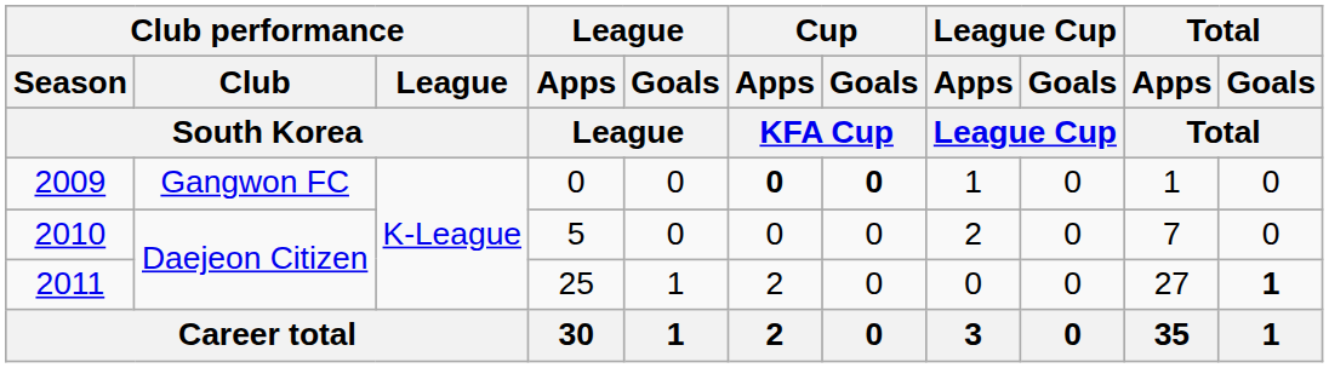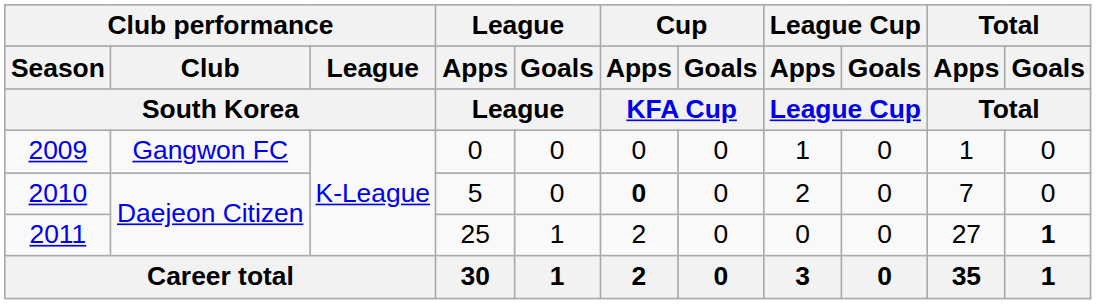 <table class="wikitable" style="text-align:center">
 <tr>
 <th colspan=3>Club performance</th>
 <th colspan=2>League</th>
 <th colspan=2>Cup</th>
 <th colspan=2>League Cup</th>
 <th colspan=2>Total</th>
 </tr>
 <tr>
 <th>Season</th>
 <th>Club</th>
 <th>League</th>
 <th>Apps</th>
 <th>Goals</th>
 <th>Apps</th>
 <th>Goals</th>
 <th>Apps</th>
 <th>Goals</th>
 <th>Apps</th>
 <th>Goals</th>
 </tr>
 <tr>
 <th colspan=3>South Korea</th>
 <th colspan=2>League</th>
 <th colspan=2><a href='#'>KFA Cup</a></th>
 <th colspan=2><a href='#'>League Cup</a></th>
 <th colspan=2>Total</th>
 </tr>
 <tr>
 <td><a href='#'>2009</a></td>
 <td rowspan=1><a href='#'>Gangwon FC</a></td>
 <td rowspan=3><a href='#'>K-League</a></td>
 <td>0</td>
 <td>0</td>
-<td><strong>0</strong></td>
-<td><strong>0</strong></td>
+<td>0</td>
+<td>0</td>
 <td>1</td>
 <td>0</td>
 <td>1</td>
 <td>0</td>
 </tr>
 <tr>
 <td><a href='#'>2010</a></td>
 <td rowspan=2><a href='#'>Daejeon Citizen</a></td>
 <td>5</td>
 <td>0</td>
-<td>0</td>
+<td><strong>0</strong></td>
 <td>0</td>
 <td>2</td>
 <td>0</td>
 <td>7</td>
 <td>0</td>
 </tr>
 <tr>
 <td><a href='#'>2011</a></td>
 <td>25</td>
 <td>1</td>
 <td>2</td>
 <td>0</td>
 <td>0</td>
 <td>0</td>
 <td>27</td>
 <td><strong>1</strong></td>
 </tr>
 <tr>
 <th colspan=3>Career total</th>
 <th>30</th>
 <th>1</th>
 <th>2</th>
 <th>0</th>
 <th>3</th>
 <th>0</th>
 <th>35</th>
 <th>1</th>
 </tr>
 </table>
